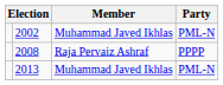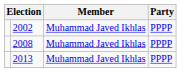 <table class="wikitable">
 <tr>
 <th colspan="2">Election</th>
 <th>Member</th>
 <th>Party</th>
 </tr>
 <tr>
 <td style="background-color: "></td>
 <td><a href='#'>2002</a></td>
 <td><a href='#'>Muhammad Javed Ikhlas</a></td>
-<td><a href='#'>PML-N</a></td>
+<td><a href='#'>PPPP</a></td>
 </tr>
 <tr>
 <td style="background-color: "></td>
 <td><a href='#'>2008</a></td>
-<td><a href='#'>Raja Pervaiz Ashraf</a></td>
+<td><a href='#'>Muhammad Javed Ikhlas</a></td>
 <td><a href='#'>PPPP</a></td>
 </tr>
 <tr>
 <td style="background-color: "></td>
 <td><a href='#'>2013</a></td>
 <td><a href='#'>Muhammad Javed Ikhlas</a></td>
-<td><a href='#'>PML-N</a></td>
+<td><a href='#'>PPPP</a></td>
 </tr>
 </table>
